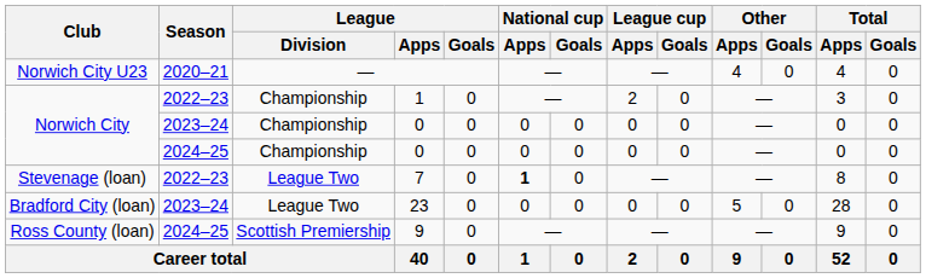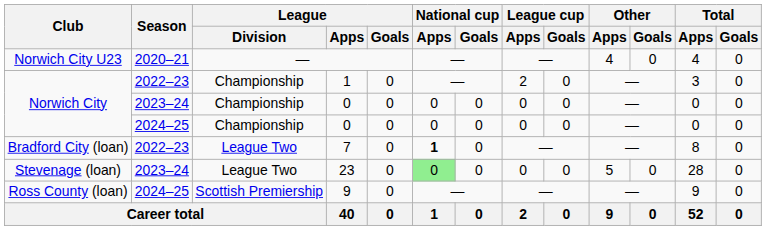 <table class="wikitable" style="text-align:center">
 <tr>
 <th rowspan="2">Club</th>
 <th rowspan="2">Season</th>
 <th colspan="3">League</th>
 <th colspan="2">National cup</th>
 <th colspan="2">League cup</th>
 <th colspan="2">Other</th>
 <th colspan="2">Total</th>
 </tr>
 <tr>
 <th>Division</th>
 <th>Apps</th>
 <th>Goals</th>
 <th>Apps</th>
 <th>Goals</th>
 <th>Apps</th>
 <th>Goals</th>
 <th>Apps</th>
 <th>Goals</th>
 <th>Apps</th>
 <th>Goals</th>
 </tr>
 <tr>
 <td><a href='#'>Norwich City U23</a></td>
 <td><a href='#'>2020–21</a></td>
 <td colspan="3">—</td>
 <td colspan="2">—</td>
 <td colspan="2">—</td>
 <td>4</td>
 <td>0</td>
 <td>4</td>
 <td>0</td>
 </tr>
 <tr>
 <td rowspan=3><a href='#'>Norwich City</a></td>
 <td><a href='#'>2022–23</a></td>
 <td>Championship</td>
 <td>1</td>
 <td>0</td>
 <td colspan="2">—</td>
 <td>2</td>
 <td>0</td>
 <td colspan="2">—</td>
 <td>3</td>
 <td>0</td>
 </tr>
 <tr>
 <td><a href='#'>2023–24</a></td>
 <td>Championship</td>
 <td>0</td>
 <td>0</td>
 <td>0</td>
 <td>0</td>
 <td>0</td>
 <td>0</td>
 <td colspan="2">—</td>
 <td>0</td>
 <td>0</td>
 </tr>
 <tr>
 <td><a href='#'>2024–25</a></td>
 <td>Championship</td>
 <td>0</td>
 <td>0</td>
 <td>0</td>
 <td>0</td>
 <td>0</td>
 <td>0</td>
 <td colspan="2">—</td>
 <td>0</td>
 <td>0</td>
 </tr>
 <tr>
-<td><a href='#'>Stevenage</a> (loan)</td>
+<td><a href='#'>Bradford City</a> (loan)</td>
 <td><a href='#'>2022–23</a></td>
 <td><a href='#'>League Two</a></td>
 <td>7</td>
 <td>0</td>
 <td><strong>1</strong></td>
 <td>0</td>
 <td colspan="2">—</td>
 <td colspan="2">—</td>
 <td>8</td>
 <td>0</td>
 </tr>
 <tr>
-<td><a href='#'>Bradford City</a> (loan)</td>
+<td><a href='#'>Stevenage</a> (loan)</td>
 <td><a href='#'>2023–24</a></td>
 <td>League Two</td>
 <td>23</td>
 <td>0</td>
-<td>0</td>
+<td style="background: lightgreen;">0</td>
 <td>0</td>
 <td>0</td>
 <td>0</td>
 <td>5</td>
 <td>0</td>
 <td>28</td>
 <td>0</td>
 </tr>
 <tr>
 <td><a href='#'>Ross County</a> (loan)</td>
 <td><a href='#'>2024–25</a></td>
 <td><a href='#'>Scottish Premiership</a></td>
 <td>9</td>
 <td>0</td>
 <td colspan="2">—</td>
 <td colspan="2">—</td>
 <td colspan="2">—</td>
 <td>9</td>
 <td>0</td>
 </tr>
 <tr>
 <th colspan="3">Career total</th>
 <th>40</th>
 <th>0</th>
 <th>1</th>
 <th>0</th>
 <th>2</th>
 <th>0</th>
 <th>9</th>
 <th>0</th>
 <th>52</th>
 <th>0</th>
 </tr>
 </table>
